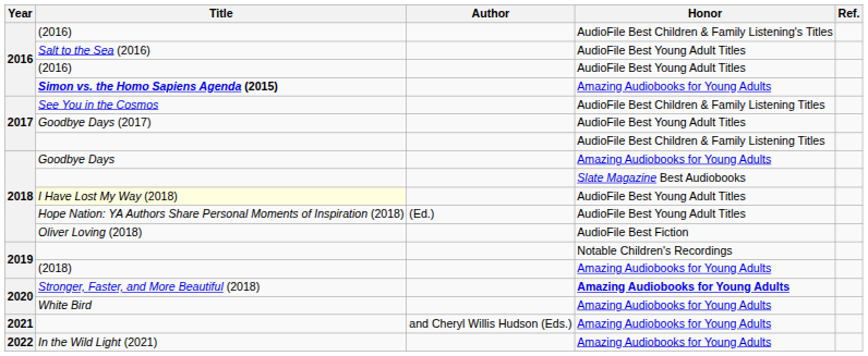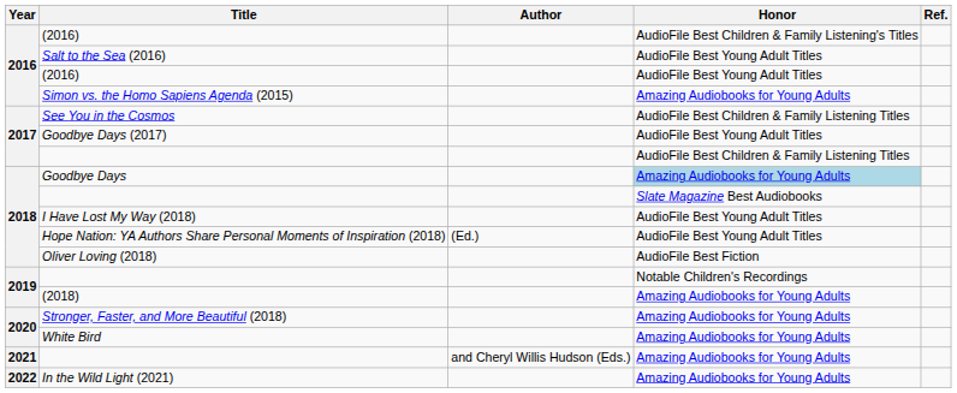 <table class="wikitable sortable mw-collapsible">
 <tr>
 <th>Year</th>
 <th>Title</th>
 <th>Author</th>
 <th>Honor</th>
 <th>Ref.</th>
 </tr>
 <tr>
 <th rowspan="4">2016</th>
 <td><em></em> (2016)</td>
 <td></td>
 <td>AudioFile Best Children & Family Listening's Titles</td>
 <td></td>
 </tr>
 <tr>
 <td><em><a href='#'>Salt to the Sea</a></em> (2016)</td>
 <td></td>
 <td>AudioFile Best Young Adult Titles</td>
 <td></td>
 </tr>
 <tr>
 <td><em></em> (2016)</td>
 <td></td>
 <td>AudioFile Best Young Adult Titles</td>
 <td></td>
 </tr>
 <tr>
-<td><strong><em><a href='#'>Simon vs. the Homo Sapiens Agenda</a></em>  (2015)</strong></td>
+<td><em><a href='#'>Simon vs. the Homo Sapiens Agenda</a></em>  (2015)</td>
 <td></td>
 <td><a href='#'>Amazing Audiobooks for Young Adults</a></td>
 <td></td>
 </tr>
 <tr>
 <th rowspan="3">2017</th>
 <td><em><a href='#'>See You in the Cosmos</a></em></td>
 <td></td>
 <td>AudioFile Best Children & Family Listening Titles</td>
 <td></td>
 </tr>
 <tr>
 <td><em>Goodbye Days</em> (2017)</td>
 <td></td>
 <td>AudioFile Best Young Adult Titles</td>
 <td></td>
 </tr>
 <tr>
 <td><em></em></td>
 <td></td>
 <td>AudioFile Best Children & Family Listening Titles</td>
 <td></td>
 </tr>
 <tr>
 <th rowspan="5">2018</th>
 <td><em>Goodbye Days</em></td>
 <td></td>
-<td><a href='#'>Amazing Audiobooks for Young Adults</a></td>
+<td style="background: lightblue;"><a href='#'>Amazing Audiobooks for Young Adults</a></td>
 <td></td>
 </tr>
 <tr>
 <td><em></em></td>
 <td></td>
 <td><a href='#'><em>Slate Magazine</em></a> Best Audiobooks</td>
 <td></td>
 </tr>
 <tr>
-<td style="background: lightyellow;"><em>I Have Lost My Way</em> (2018)</td>
+<td><em>I Have Lost My Way</em> (2018)</td>
 <td></td>
 <td>AudioFile Best Young Adult Titles</td>
 <td></td>
 </tr>
 <tr>
 <td><em>Hope Nation: YA Authors Share Personal Moments of Inspiration</em> (2018)</td>
 <td> (Ed.)</td>
 <td>AudioFile Best Young Adult Titles</td>
 <td></td>
 </tr>
 <tr>
 <td><em>Oliver Loving</em> (2018)</td>
 <td></td>
 <td>AudioFile Best Fiction</td>
 <td></td>
 </tr>
 <tr>
 <th rowspan="2">2019</th>
 <td><em></em></td>
 <td></td>
 <td>Notable Children's Recordings</td>
 <td></td>
 </tr>
 <tr>
 <td><em></em> (2018)</td>
 <td></td>
 <td><a href='#'>Amazing Audiobooks for Young Adults</a></td>
 <td></td>
 </tr>
 <tr>
 <th rowspan="2">2020</th>
 <td><em><a href='#'>Stronger, Faster, and More Beautiful</a></em> (2018)</td>
 <td></td>
-<td><strong><a href='#'>Amazing Audiobooks for Young Adults</a></strong></td>
+<td><a href='#'>Amazing Audiobooks for Young Adults</a></td>
 <td></td>
 </tr>
 <tr>
 <td><em>White Bird</em></td>
 <td></td>
 <td><a href='#'>Amazing Audiobooks for Young Adults</a></td>
 <td></td>
 </tr>
 <tr>
 <th>2021</th>
 <td><em></em></td>
 <td> and Cheryl Willis Hudson (Eds.)</td>
 <td><a href='#'>Amazing Audiobooks for Young Adults</a></td>
 <td></td>
 </tr>
 <tr>
 <th>2022</th>
 <td><em>In the Wild Light</em> (2021)</td>
 <td></td>
 <td><a href='#'>Amazing Audiobooks for Young Adults</a></td>
 <td></td>
 </tr>
 </table>
